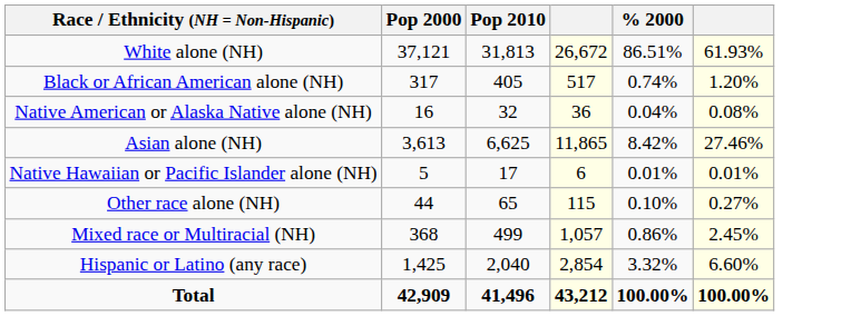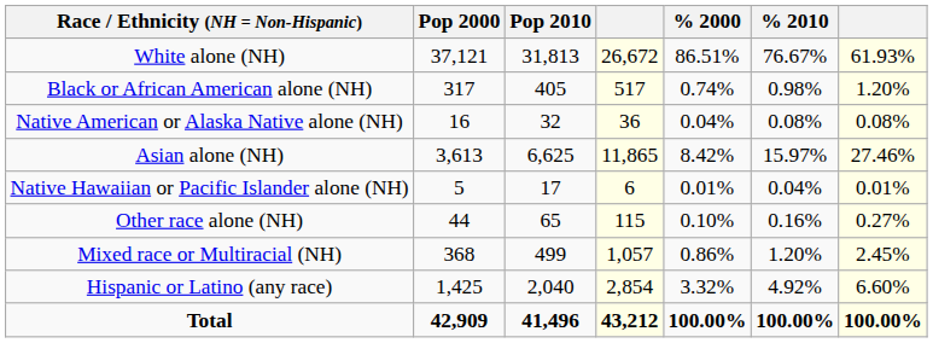 <table class="wikitable" style="text-align:center;">
 <tr>
 <th>Race / Ethnicity <small>(<em>NH = Non-Hispanic</em>)</small></th>
 <th>Pop 2000</th>
 <th>Pop 2010</th>
 <th></th>
 <th>% 2000</th>
+<th>% 2010</th>
 <th></th>
 </tr>
 <tr>
 <td><a href='#'>White</a> alone (NH)</td>
 <td>37,121</td>
 <td>31,813</td>
 <td style='background: #ffffe6;'>26,672</td>
 <td>86.51%</td>
+<td>76.67%</td>
 <td style='background: #ffffe6;'>61.93%</td>
 </tr>
 <tr>
 <td><a href='#'>Black or African American</a> alone (NH)</td>
 <td>317</td>
 <td>405</td>
 <td style='background: #ffffe6;'>517</td>
 <td>0.74%</td>
+<td>0.98%</td>
 <td style='background: #ffffe6;'>1.20%</td>
 </tr>
 <tr>
 <td><a href='#'>Native American</a> or <a href='#'>Alaska Native</a> alone (NH)</td>
 <td>16</td>
 <td>32</td>
 <td style='background: #ffffe6;'>36</td>
 <td>0.04%</td>
+<td>0.08%</td>
 <td style='background: #ffffe6;'>0.08%</td>
 </tr>
 <tr>
 <td><a href='#'>Asian</a> alone (NH)</td>
 <td>3,613</td>
 <td>6,625</td>
 <td style='background: #ffffe6;'>11,865</td>
 <td>8.42%</td>
+<td>15.97%</td>
 <td style='background: #ffffe6;'>27.46%</td>
 </tr>
 <tr>
 <td><a href='#'>Native Hawaiian</a> or <a href='#'>Pacific Islander</a> alone (NH)</td>
 <td>5</td>
 <td>17</td>
 <td style='background: #ffffe6;'>6</td>
 <td>0.01%</td>
+<td>0.04%</td>
 <td style='background: #ffffe6;'>0.01%</td>
 </tr>
 <tr>
 <td><a href='#'>Other race</a> alone (NH)</td>
 <td>44</td>
 <td>65</td>
 <td style='background: #ffffe6;'>115</td>
 <td>0.10%</td>
+<td>0.16%</td>
 <td style='background: #ffffe6;'>0.27%</td>
 </tr>
 <tr>
 <td><a href='#'>Mixed race or Multiracial</a> (NH)</td>
 <td>368</td>
 <td>499</td>
 <td style='background: #ffffe6;'>1,057</td>
 <td>0.86%</td>
+<td>1.20%</td>
 <td style='background: #ffffe6;'>2.45%</td>
 </tr>
 <tr>
 <td><a href='#'>Hispanic or Latino</a> (any race)</td>
 <td>1,425</td>
 <td>2,040</td>
 <td style='background: #ffffe6;'>2,854</td>
 <td>3.32%</td>
+<td>4.92%</td>
 <td style='background: #ffffe6;'>6.60%</td>
 </tr>
 <tr>
 <td><strong>Total</strong></td>
 <td><strong>42,909</strong></td>
 <td><strong>41,496</strong></td>
 <td style='background: #ffffe6;'><strong>43,212</strong></td>
 <td><strong>100.00%</strong></td>
+<td><strong>100.00%</strong></td>
 <td style='background: #ffffe6;'><strong>100.00%</strong></td>
 </tr>
 </table>
